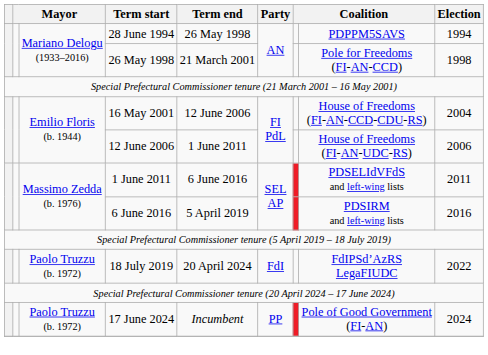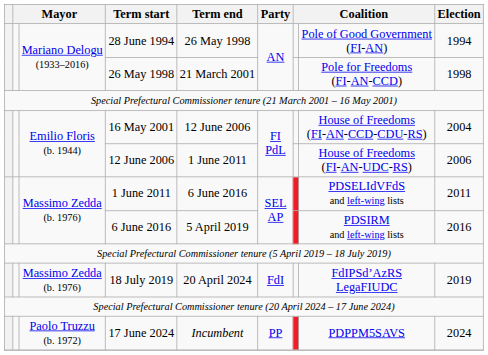 <table class="wikitable" style="text-align: center;">
 <tr>
 <th class=unsortable> </th>
 <th colspan=2>Mayor</th>
 <th>Term start</th>
 <th>Term end</th>
 <th>Party</th>
 <th colspan="2">Coalition</th>
 <th>Election</th>
 </tr>
 <tr>
 <th rowspan=2 style="background:"></th>
 <td rowspan=2></td>
 <td rowspan=2><a href='#'>Mariano Delogu</a><br><small>(1933–2016)</small></td>
 <td>28 June 1994</td>
 <td>26 May 1998</td>
 <td rowspan=2><a href='#'>AN</a></td>
 <td style="background: "></td>
-<td><a href='#'>PD</a><a href='#'>PP</a><a href='#'>M5S</a><a href='#'>AVS</a></td>
+<td><a href='#'>Pole of Good Government</a><br>(<a href='#'>FI</a>-<a href='#'>AN</a>)</td>
 <td>1994</td>
 </tr>
 <tr>
 <td>26 May 1998</td>
 <td>21 March 2001</td>
 <td style="background: "></td>
 <td><a href='#'>Pole for Freedoms</a><br>(<a href='#'>FI</a>-<a href='#'>AN</a>-<a href='#'>CCD</a>)</td>
 <td>1998</td>
 </tr>
 <tr>
 <td colspan="10"><small><em>Special Prefectural Commissioner tenure (21 March 2001 – 16 May 2001)</em></small></td>
 </tr>
 <tr>
 <th rowspan=2 style="background:"></th>
 <td rowspan=2></td>
 <td rowspan=2><a href='#'>Emilio Floris</a><br><small>(b. 1944)</small></td>
 <td>16 May 2001</td>
 <td>12 June 2006</td>
 <td rowspan=2><a href='#'>FI</a><br><a href='#'>PdL</a></td>
 <td style="background:"></td>
 <td><a href='#'>House of Freedoms</a><br>(<a href='#'>FI</a>-<a href='#'>AN</a>-<a href='#'>CCD</a>-<a href='#'>CDU</a>-<a href='#'>RS</a>)</td>
 <td>2004</td>
 </tr>
 <tr>
 <td>12 June 2006</td>
 <td>1 June 2011</td>
 <td style="background: "></td>
 <td><a href='#'>House of Freedoms</a><br>(<a href='#'>FI</a>-<a href='#'>AN</a>-<a href='#'>UDC</a>-<a href='#'>RS</a>)</td>
 <td>2006</td>
 </tr>
 <tr>
 <th rowspan=2 style="background:"></th>
 <td rowspan=2></td>
 <td rowspan=2><a href='#'>Massimo Zedda</a><br><small>(b. 1976)</small></td>
 <td>1 June 2011</td>
 <td>6 June 2016</td>
 <td rowspan=2><a href='#'>SEL</a><br><a href='#'>AP</a></td>
 <td style="background:#EF1C27;"></td>
 <td><a href='#'>PD</a><a href='#'>SEL</a><a href='#'>IdV</a><a href='#'>FdS</a><br><small>and <a href='#'>left-wing</a> lists</small></td>
 <td>2011</td>
 </tr>
 <tr>
 <td>6 June 2016</td>
 <td>5 April 2019</td>
 <td style="background:#EF1C27;"></td>
 <td><a href='#'>PD</a><a href='#'>SI</a><a href='#'>RM</a><br><small>and <a href='#'>left-wing</a> lists</small></td>
 <td>2016</td>
 </tr>
 <tr>
 <td colspan="10"><small><em>Special Prefectural Commissioner tenure (5 April 2019 – 18 July 2019)</em></small></td>
 </tr>
 <tr>
 <th style="background:"></th>
 <td></td>
-<td><a href='#'>Paolo Truzzu</a><br><small>(b. 1972)</small></td>
+<td><a href='#'>Massimo Zedda</a><br><small>(b. 1976)</small></td>
 <td>18 July 2019</td>
 <td>20 April 2024</td>
 <td><a href='#'>FdI</a></td>
 <td style="background:"></td>
 <td><a href='#'>FdI</a><a href='#'>PSd’Az</a><a href='#'>RS</a><br><a href='#'>Lega</a><a href='#'>FI</a><a href='#'>UDC</a></td>
-<td>2022</td>
+<td>2019</td>
 </tr>
 <tr>
 <td colspan="10"><small><em>Special Prefectural Commissioner tenure (20 April 2024 – 17 June 2024)</em></small></td>
 </tr>
 <tr>
 <th style="background:"></th>
 <td></td>
 <td><a href='#'>Paolo Truzzu</a><br><small>(b. 1972)</small></td>
 <td>17 June 2024</td>
 <td><em>Incumbent</em></td>
 <td><a href='#'>PP</a></td>
 <td style="background:#EF1C27;"></td>
-<td><a href='#'>Pole of Good Government</a><br>(<a href='#'>FI</a>-<a href='#'>AN</a>)</td>
+<td><a href='#'>PD</a><a href='#'>PP</a><a href='#'>M5S</a><a href='#'>AVS</a></td>
 <td>2024</td>
 </tr>
 <tr>
 </tr>
 </table>
